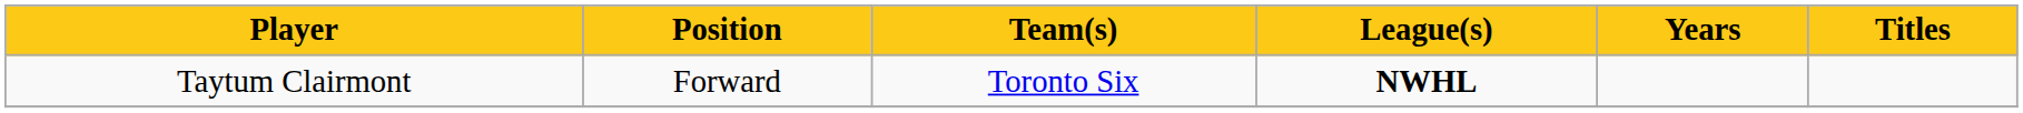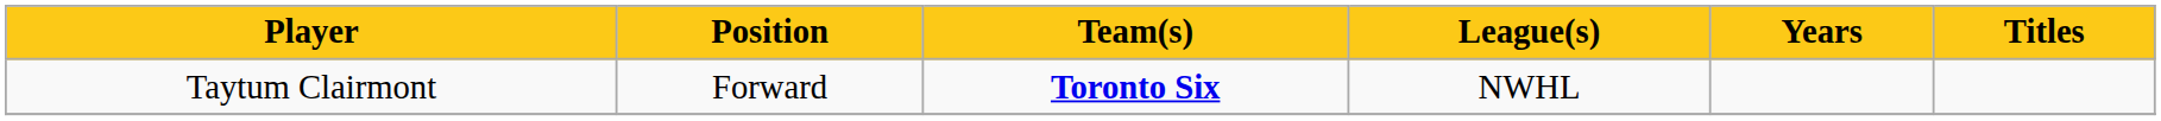 <table class="wikitable" width="80%">
 <tr align="center" style=" background:#FCC917;color:#00000;">
 <td><strong>Player</strong></td>
 <td><strong>Position</strong></td>
 <td><strong>Team(s)</strong></td>
 <td><strong>League(s)</strong></td>
 <td><strong>Years</strong></td>
 <td><strong>Titles</strong></td>
 </tr>
 <tr align="center" bgcolor="">
 <td>Taytum Clairmont</td>
 <td>Forward</td>
-<td><a href='#'>Toronto Six</a></td>
-<td><strong>NWHL</strong></td>
+<td><strong><a href='#'>Toronto Six</a></strong></td>
+<td>NWHL</td>
 <td></td>
 <td></td>
 </tr>
 <tr align="center" bgcolor="">
 </tr>
 </table>
